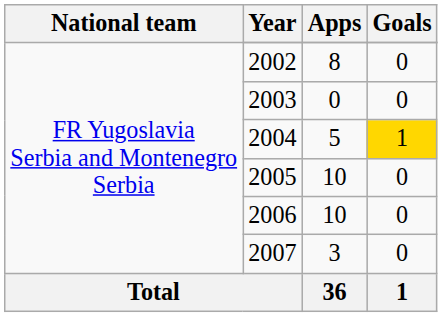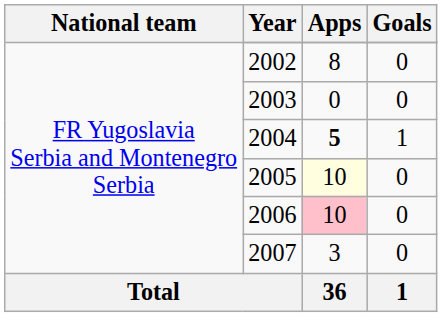 <table class="wikitable" style="text-align:center">
 <tr>
 <th>National team</th>
 <th>Year</th>
 <th>Apps</th>
 <th>Goals</th>
 </tr>
 <tr>
 <td rowspan="7"><a href='#'>FR Yugoslavia</a><br><a href='#'>Serbia and Montenegro</a><br><a href='#'>Serbia</a></td>
 </tr>
 <tr>
 <td>2002</td>
 <td>8</td>
 <td>0</td>
 </tr>
 <tr>
 <td>2003</td>
 <td>0</td>
 <td>0</td>
 </tr>
 <tr>
 <td>2004</td>
-<td>5</td>
-<td style="background: gold;">1</td>
+<td><strong>5</strong></td>
+<td>1</td>
 </tr>
 <tr>
 <td>2005</td>
-<td>10</td>
+<td style="background: lightyellow;">10</td>
 <td>0</td>
 </tr>
 <tr>
 <td>2006</td>
-<td>10</td>
+<td style="background: pink;">10</td>
 <td>0</td>
 </tr>
 <tr>
 <td>2007</td>
 <td>3</td>
 <td>0</td>
 </tr>
 <tr>
 <th colspan="2">Total</th>
 <th>36</th>
 <th>1</th>
 </tr>
 </table>
